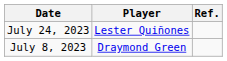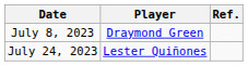 <table class="wikitable sortable sortable" style="text-align: center">
 <tr>
 <th>Date</th>
 <th>Player</th>
 <th>Ref.</th>
 </tr>
 <tr>
+<td>July 8, 2023</td>
+<td><a href='#'>Draymond Green</a></td>
+<td></td>
+</tr>
+<tr>
 <td>July 24, 2023</td>
 <td><a href='#'>Lester Quiñones</a></td>
 <td></td>
 </tr>
-<tr>
-<td>July 8, 2023</td>
-<td><a href='#'>Draymond Green</a></td>
-<td></td>
-</tr>
 </table>
